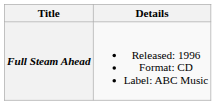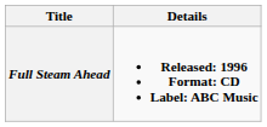 <table class="wikitable plainrowheaders" style="text-align:center;" border="1">
 <tr>
 <th>Title</th>
 <th>Details</th>
 </tr>
 <tr>
 <th scope="row"><em>Full Steam Ahead</em></th>
-<td><br><ul><li>Released: 1996</li><li>Format: CD</li><li>Label: ABC Music</li></ul></td>
+<td><strong><br><ul><li>Released: 1996</li><li>Format: CD</li><li>Label: ABC Music</li></ul></strong></td>
 </tr>
 </table>
